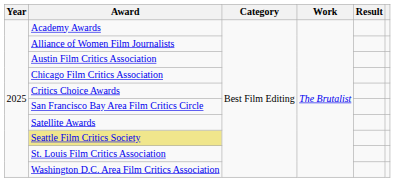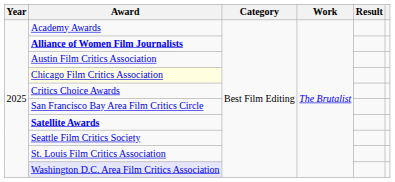 <table class="wikitable sortable">
 <tr>
 <th>Year</th>
 <th>Award</th>
 <th>Category</th>
 <th>Work</th>
 <th>Result</th>
 <th class="unsortable"></th>
 </tr>
 <tr>
 <td rowspan="10" style="text-align:center;">2025</td>
 <td><a href='#'>Academy Awards</a></td>
 <td rowspan="10">Best Film Editing</td>
 <td rowspan="10"><em><a href='#'>The Brutalist</a></em></td>
 <td></td>
 <td align="center"></td>
 </tr>
 <tr>
-<td><a href='#'>Alliance of Women Film Journalists</a></td>
+<td><strong><a href='#'>Alliance of Women Film Journalists</a></strong></td>
 <td></td>
 <td align="center"></td>
 </tr>
 <tr>
 <td><a href='#'>Austin Film Critics Association</a></td>
 <td></td>
 <td align="center"></td>
 </tr>
 <tr>
-<td><a href='#'>Chicago Film Critics Association</a></td>
+<td style="background: lightyellow;"><a href='#'>Chicago Film Critics Association</a></td>
 <td></td>
 <td align="center"></td>
 </tr>
 <tr>
 <td><a href='#'>Critics Choice Awards</a></td>
 <td></td>
 <td align="center"></td>
 </tr>
 <tr>
 <td><a href='#'>San Francisco Bay Area Film Critics Circle</a></td>
 <td></td>
 <td align="center"></td>
 </tr>
 <tr>
-<td><a href='#'>Satellite Awards</a></td>
+<td><strong><a href='#'>Satellite Awards</a></strong></td>
 <td></td>
 <td align="center"></td>
 </tr>
 <tr>
-<td style="background: khaki;"><a href='#'>Seattle Film Critics Society</a></td>
+<td><a href='#'>Seattle Film Critics Society</a></td>
 <td></td>
 <td align="center"></td>
 </tr>
 <tr>
 <td><a href='#'>St. Louis Film Critics Association</a></td>
 <td></td>
 <td align="center"></td>
 </tr>
 <tr>
-<td><a href='#'>Washington D.C. Area Film Critics Association</a></td>
+<td style="background: lavender;"><a href='#'>Washington D.C. Area Film Critics Association</a></td>
 <td></td>
 <td align="center"></td>
 </tr>
 </table>
